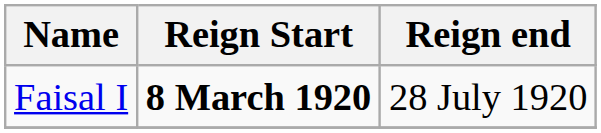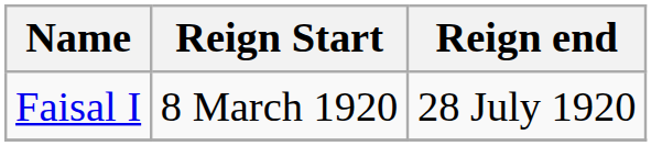 <table class="wikitable">
 <tr ->
 <th>Name</th>
 <th>Reign Start</th>
 <th>Reign end</th>
 </tr>
 <tr ->
 <td><a href='#'>Faisal I</a></td>
-<td><strong>8 March 1920</strong></td>
+<td>8 March 1920</td>
 <td>28 July 1920</td>
 </tr>
 <tr ->
 </tr>
 </table>
